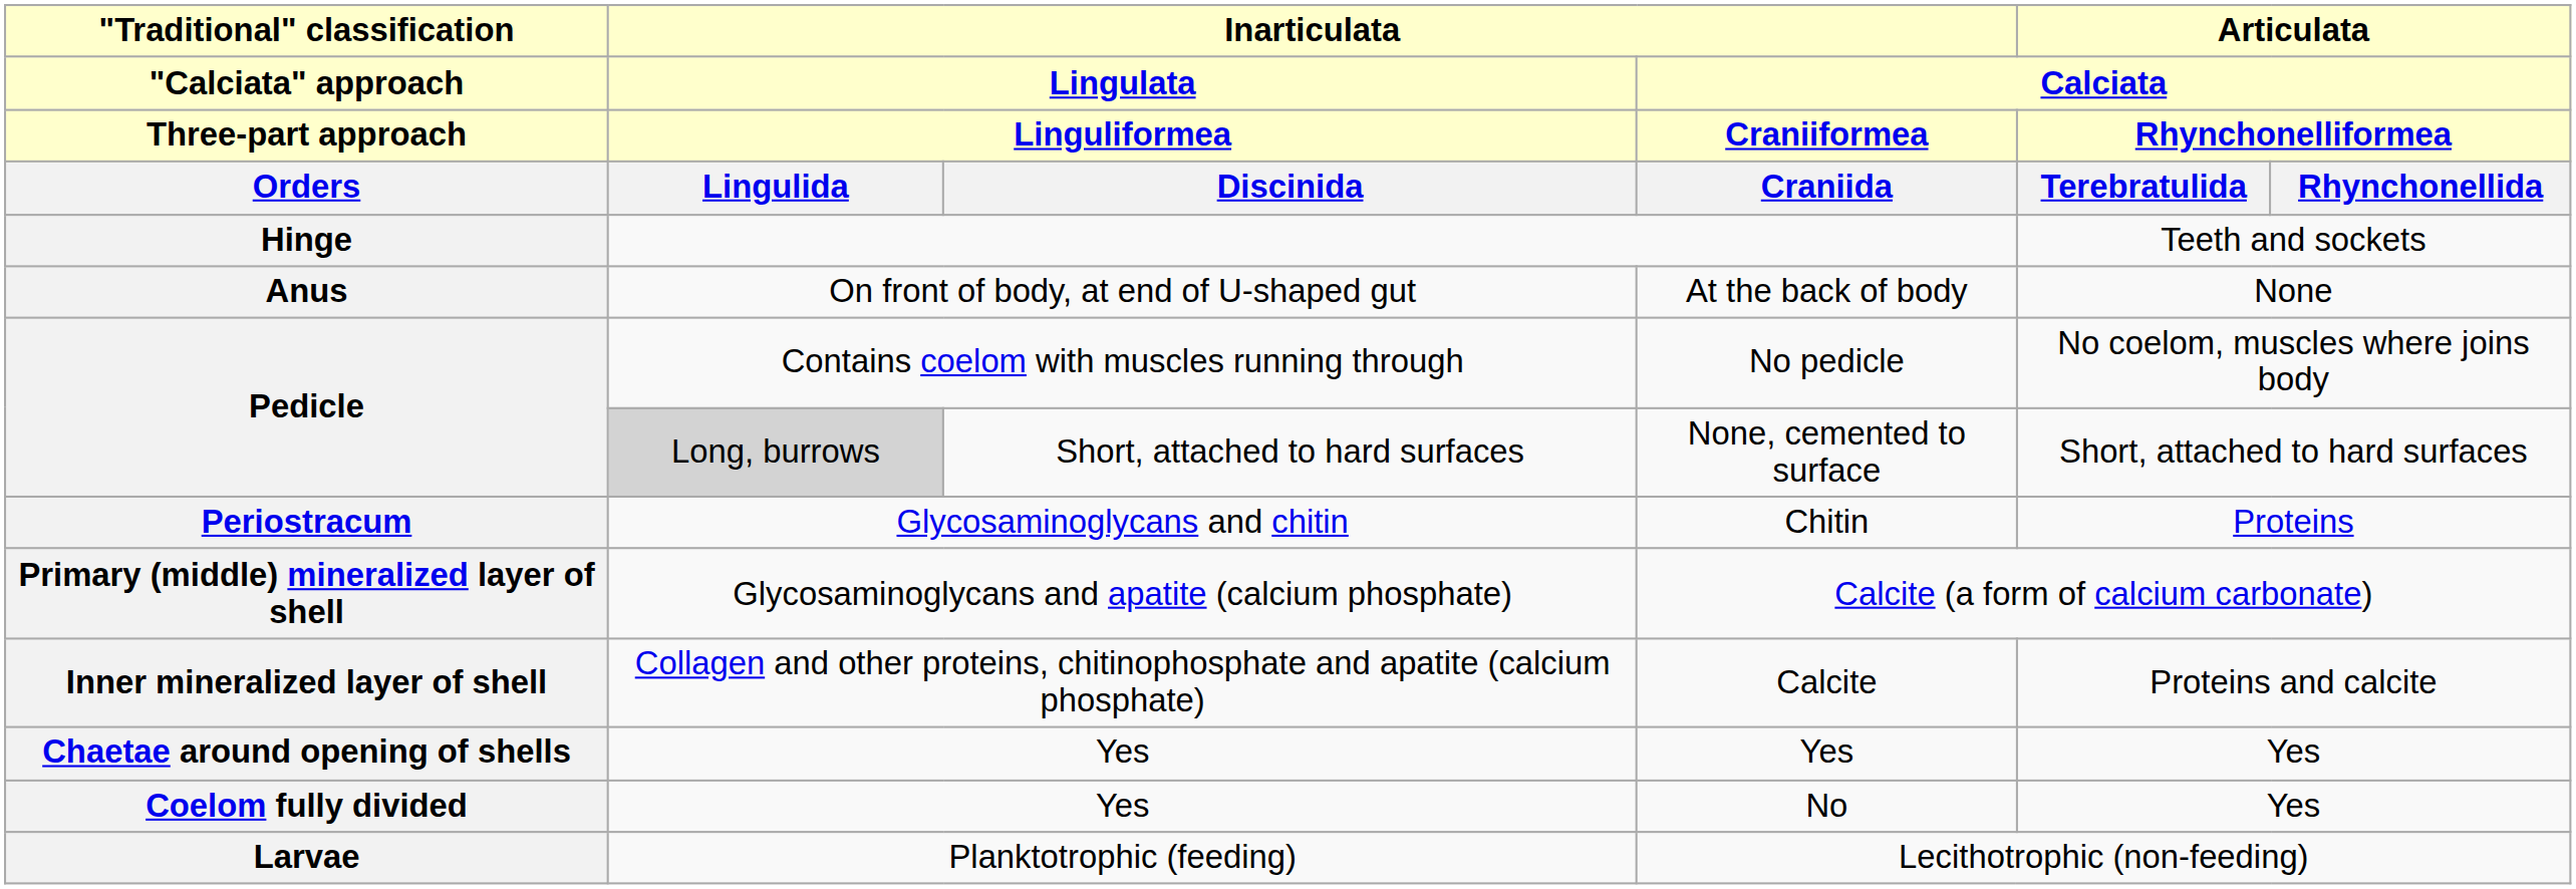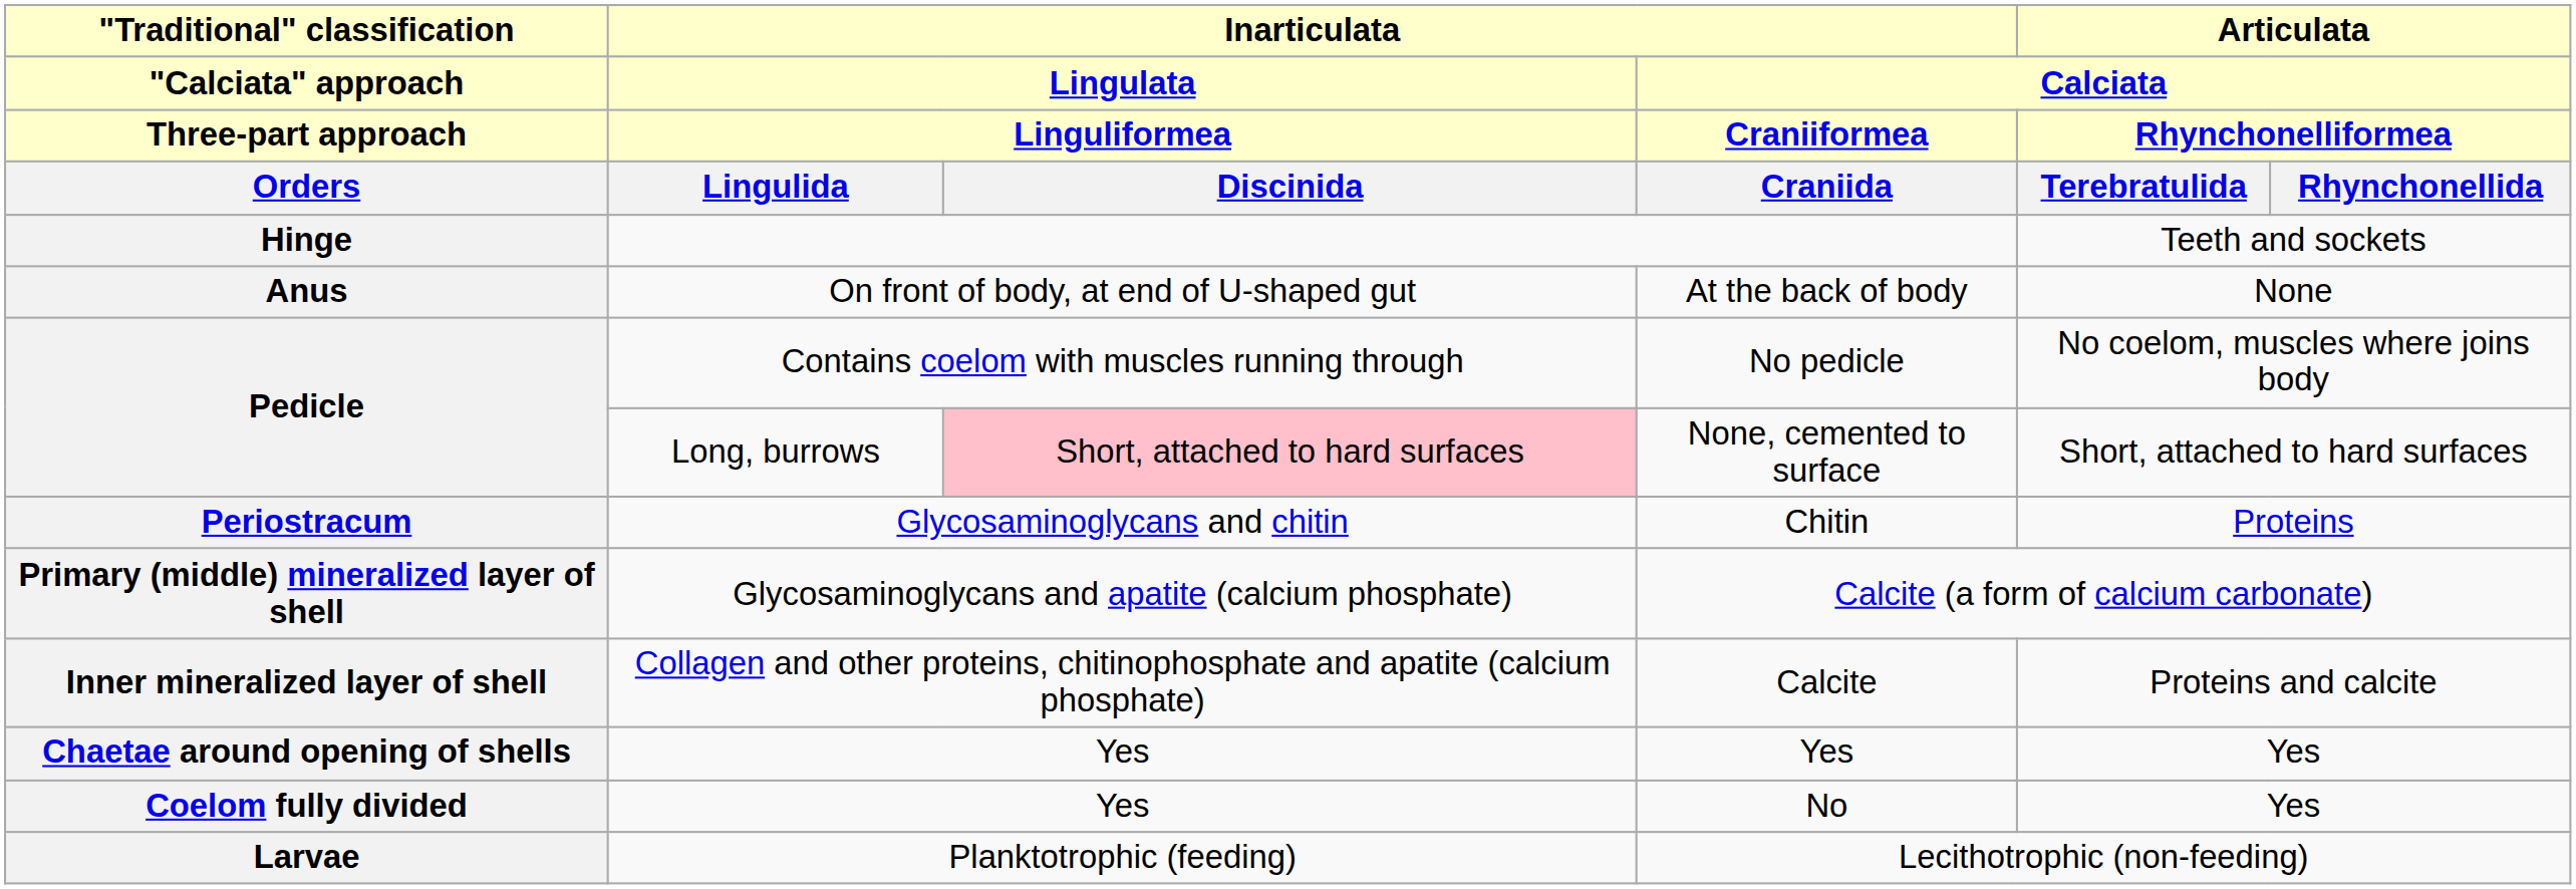 <table class="wikitable">
 <tr style="text-align:center;">
 <th style="background:#FFFFCC;">"Traditional" classification</th>
 <th style="background:#FFFFCC;" colspan="3">Inarticulata</th>
 <th style="background:#FFFFCC;" colspan="2">Articulata</th>
 </tr>
 <tr style="text-align:center;">
 <th style="background:#FFFFCC;">"Calciata" approach</th>
 <th style="background:#FFFFCC;" colspan="2"><a href='#'>Lingulata</a></th>
 <th style="background:#FFFFCC;" colspan="3"><a href='#'>Calciata</a></th>
 </tr>
 <tr style="text-align:center;">
 <th style="background:#FFFFCC;">Three-part approach</th>
 <th ! style="background:#FFFFCC;" colspan="2"><a href='#'>Linguliformea</a></th>
 <th style="background:#FFFFCC;"><a href='#'>Craniiformea</a></th>
 <th style="background:#FFFFCC;" colspan="2"><a href='#'>Rhynchonelliformea</a></th>
 </tr>
 <tr style="text-align:center;">
 <th><a href='#'>Orders</a></th>
 <th><a href='#'>Lingulida</a></th>
 <th><a href='#'>Discinida</a></th>
 <th><a href='#'>Craniida</a></th>
 <th><a href='#'>Terebratulida</a></th>
 <th><a href='#'>Rhynchonellida</a></th>
 </tr>
 <tr style="text-align:center;">
 <th>Hinge</th>
 <td colspan="3"></td>
 <td colspan="2">Teeth and sockets</td>
 </tr>
 <tr style="text-align:center;">
 <th>Anus</th>
 <td colspan="2">On front of body, at end of U-shaped gut</td>
 <td>At the back of body</td>
 <td colspan="2">None</td>
 </tr>
 <tr style="text-align:center;">
 <th rowspan="2">Pedicle</th>
 <td colspan="2">Contains <a href='#'>coelom</a> with muscles running through</td>
 <td>No pedicle</td>
 <td colspan="2">No coelom, muscles where joins body</td>
 </tr>
 <tr style="text-align:center;">
-<td style="background: lightgrey;">Long, burrows</td>
-<td>Short, attached to hard surfaces</td>
+<td>Long, burrows</td>
+<td style="background: pink;">Short, attached to hard surfaces</td>
 <td>None, cemented to surface</td>
 <td colspan="2">Short, attached to hard surfaces</td>
 </tr>
 <tr style="text-align:center;">
 <th><a href='#'>Periostracum</a></th>
 <td colspan="2"><a href='#'>Glycosaminoglycans</a> and <a href='#'>chitin</a></td>
 <td>Chitin</td>
 <td colspan="2"><a href='#'>Proteins</a></td>
 </tr>
 <tr style="text-align:center;">
 <th>Primary (middle) <a href='#'>mineralized</a> layer of shell</th>
 <td colspan="2">Glycosaminoglycans and <a href='#'>apatite</a> (calcium phosphate)</td>
 <td colspan="3"><a href='#'>Calcite</a> (a form of <a href='#'>calcium carbonate</a>)</td>
 </tr>
 <tr style="text-align:center;">
 <th>Inner mineralized layer of shell</th>
 <td colspan="2"><a href='#'>Collagen</a> and other proteins, chitinophosphate and apatite (calcium phosphate)</td>
 <td>Calcite</td>
 <td colspan="2">Proteins and calcite</td>
 </tr>
 <tr style="text-align:center;">
 <th><a href='#'>Chaetae</a> around opening of shells</th>
 <td colspan="2">Yes</td>
 <td>Yes</td>
 <td colspan="2">Yes</td>
 </tr>
 <tr style="text-align:center;">
 <th><a href='#'>Coelom</a> fully divided</th>
 <td colspan="2">Yes</td>
 <td>No</td>
 <td colspan="2">Yes</td>
 </tr>
 <tr style="text-align:center;">
 <th>Larvae</th>
 <td colspan="2">Planktotrophic (feeding)</td>
 <td colspan="3">Lecithotrophic (non-feeding)</td>
 </tr>
 </table>
